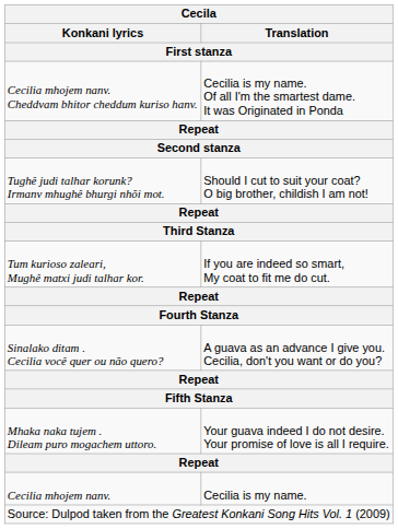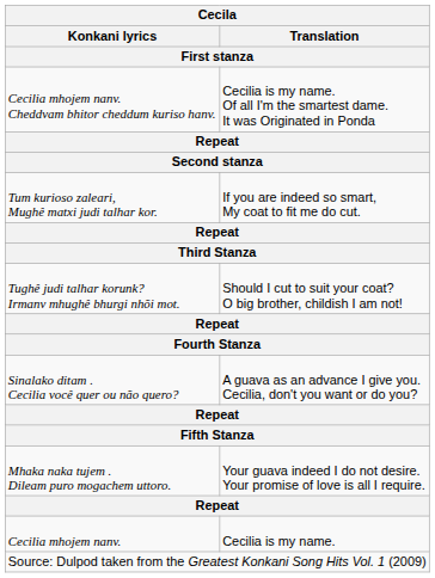 <table class="wikitable">
 <tr>
 <th colspan="2" style="font-weight:bold", align="center">Cecila</th>
 </tr>
 <tr>
 <th>Konkani lyrics</th>
 <th>Translation</th>
 </tr>
 <tr>
 <th colspan="2">First stanza</th>
 </tr>
 <tr>
 <td style="font-family: Georgia, Palatino, Palatino Linotype, Times, Times New Roman, serif; font-style:italic;"><br>Cecilia mhojem nanv.<br> Cheddvam bhitor cheddum kuriso hanv.<br></td>
 <td><br>Cecilia is my name.<br> Of all I'm the smartest dame.<br> It was Originated in Ponda</td>
 </tr>
 <tr>
 <th colspan="2">Repeat</th>
 </tr>
 <tr>
 <th colspan="2">Second stanza</th>
 </tr>
 <tr>
-<td style="font-family: Georgia, Palatino, Palatino Linotype, Times, Times New Roman, serif; font-style:italic;"><br>Tughê judi talhar korunk?<br> Irmanv mhughê bhurgi nhõi mot.<br></td>
-<td><br>Should I cut to suit your coat?<br> O big brother, childish I am not!<br></td>
+<td style="font-family: Georgia, Palatino, Palatino Linotype, Times, Times New Roman, serif; font-style:italic;"><br>Tum kurioso  zaleari,<br> Mughê matxi judi talhar kor.<br></td>
+<td><br>If you are indeed so smart,<br> My coat to fit me do cut.<br></td>
 </tr>
 <tr>
 <th colspan="2">Repeat</th>
 </tr>
 <tr>
 <th colspan="2" style="font-weight:bold", align="center">Third Stanza</th>
 </tr>
 <tr>
-<td style="font-family: Georgia, Palatino, Palatino Linotype, Times, Times New Roman, serif; font-style:italic;"><br>Tum kurioso  zaleari,<br> Mughê matxi judi talhar kor.<br></td>
-<td><br>If you are indeed so smart,<br> My coat to fit me do cut.<br></td>
+<td style="font-family: Georgia, Palatino, Palatino Linotype, Times, Times New Roman, serif; font-style:italic;"><br>Tughê judi talhar korunk?<br> Irmanv mhughê bhurgi nhõi mot.<br></td>
+<td><br>Should I cut to suit your coat?<br> O big brother, childish I am not!<br></td>
 </tr>
 <tr>
 <th colspan="2">Repeat</th>
 </tr>
 <tr>
 <th colspan="2" style="font-weight:bold", align="center">Fourth Stanza</th>
 </tr>
 <tr>
 <td style="font-family: Georgia, Palatino, Palatino Linotype, Times, Times New Roman, serif; font-style:italic;"><br>Sinalako ditam .<br> Cecilia você quer ou não quero?<br></td>
 <td><br>A guava as an advance I give you.<br> Cecilia, don't you want or do you?<br></td>
 </tr>
 <tr>
 <th colspan="2">Repeat</th>
 </tr>
 <tr>
 <th colspan="2" style="font-weight:bold", align="center">Fifth Stanza</th>
 </tr>
 <tr>
 <td style="font-family: Georgia, Palatino, Palatino Linotype, Times, Times New Roman, serif; font-style:italic;"><br>Mhaka naka tujem .<br> Dileam puro mogachem uttoro.<br></td>
 <td><br>Your guava indeed I do not desire.<br> Your promise of love is all I require.</td>
 </tr>
 <tr>
 <th colspan="2">Repeat</th>
 </tr>
 <tr>
 <td style="font-family: Georgia, Palatino, Palatino Linotype, Times, Times New Roman, serif; font-style:italic;"><br>Cecilia mhojem nanv.</td>
 <td><br>Cecilia is my name.</td>
 </tr>
 <tr>
 <td colspan=2 align="center">Source: Dulpod taken from the <em>Greatest Konkani Song Hits Vol. 1</em> (2009)</td>
 </tr>
 </table>
